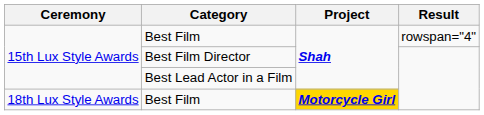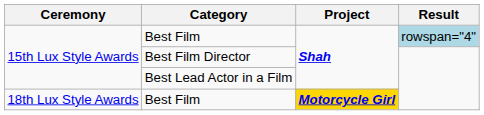 <table class="wikitable style">
 <tr>
 <th>Ceremony</th>
 <th>Category</th>
 <th>Project</th>
 <th>Result</th>
 </tr>
 <tr>
 <td rowspan="3"><a href='#'>15th Lux Style Awards</a></td>
 <td>Best Film</td>
 <td rowspan="3"><strong><em><a href='#'>Shah</a></em></strong></td>
-<td>rowspan="4" </td>
+<td style="background: lightblue;">rowspan="4" </td>
 </tr>
 <tr>
 <td>Best Film Director</td>
 </tr>
 <tr>
 <td>Best Lead Actor in a Film</td>
 </tr>
 <tr>
 <td><a href='#'>18th Lux Style Awards</a></td>
 <td>Best Film</td>
 <td style="background: gold;"><strong><em><a href='#'>Motorcycle Girl</a></em></strong></td>
 </tr>
 </table>
